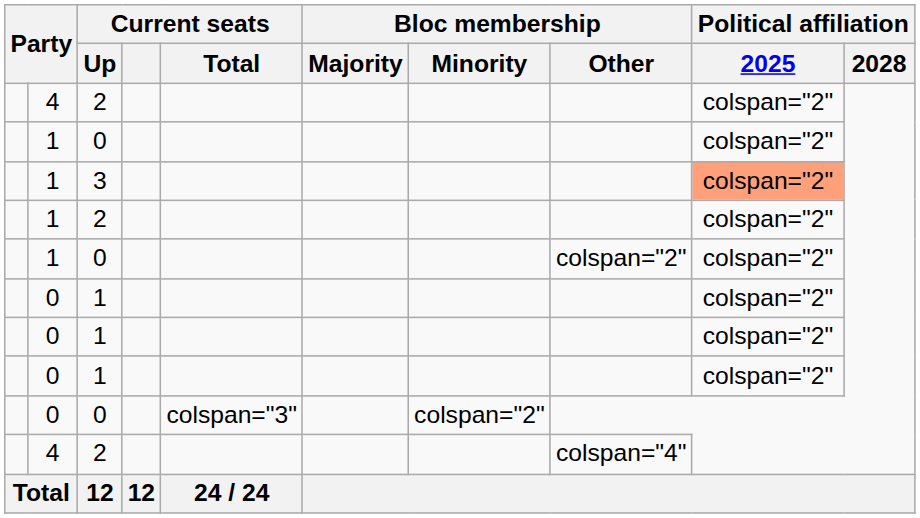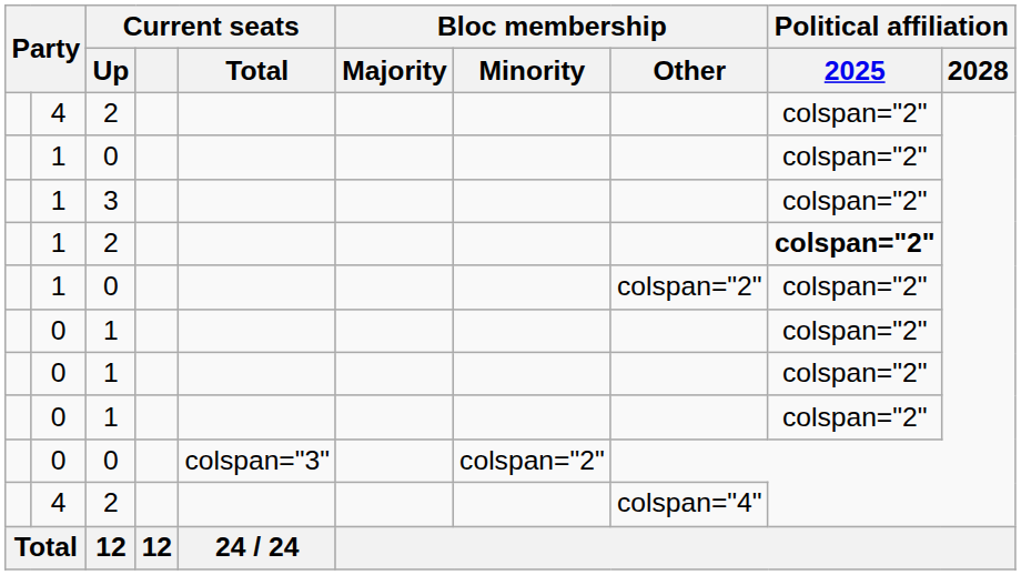 <table class="wikitable" style="text-align:center;">
 <tr>
 <th colspan="2" rowspan="2">Party</th>
 <th colspan="3" width="30px">Current seats</th>
 <th colspan="3">Bloc membership</th>
 <th colspan="4">Political affiliation</th>
 </tr>
 <tr>
 <th>Up</th>
 <th></th>
 <th>Total</th>
 <th>Majority</th>
 <th>Minority</th>
 <th>Other</th>
 <th colspan="2"><a href='#'>2025</a></th>
 <th colspan="2">2028</th>
 </tr>
 <tr>
 <td></td>
 <td>4</td>
 <td>2</td>
 <td></td>
 <td></td>
 <td></td>
 <td></td>
 <td></td>
 <td>colspan="2" </td>
 </tr>
 <tr>
 <td></td>
 <td>1</td>
 <td>0</td>
 <td></td>
 <td></td>
 <td></td>
 <td></td>
 <td></td>
 <td>colspan="2" </td>
 </tr>
 <tr>
 <td></td>
 <td>1</td>
 <td>3</td>
 <td></td>
 <td></td>
 <td></td>
 <td></td>
 <td></td>
-<td style="background: lightsalmon;">colspan="2" </td>
+<td>colspan="2" </td>
 </tr>
 <tr>
 <td></td>
 <td>1</td>
 <td>2</td>
 <td></td>
 <td></td>
 <td></td>
 <td></td>
 <td></td>
-<td>colspan="2" </td>
+<td><strong>colspan="2" </strong></td>
 </tr>
 <tr>
 <td></td>
 <td>1</td>
 <td>0</td>
 <td></td>
 <td></td>
 <td></td>
 <td></td>
 <td>colspan="2" </td>
 <td>colspan="2" </td>
 </tr>
 <tr>
 <td></td>
 <td>0</td>
 <td>1</td>
 <td></td>
 <td></td>
 <td></td>
 <td></td>
 <td></td>
 <td>colspan="2" </td>
 </tr>
 <tr>
 <td></td>
 <td>0</td>
 <td>1</td>
 <td></td>
 <td></td>
 <td></td>
 <td></td>
 <td></td>
 <td>colspan="2" </td>
 </tr>
 <tr>
 <td></td>
 <td>0</td>
 <td>1</td>
 <td></td>
 <td></td>
 <td></td>
 <td></td>
 <td></td>
 <td>colspan="2" </td>
 </tr>
 <tr>
 <td></td>
 <td>0</td>
 <td>0</td>
 <td></td>
 <td>colspan="3" </td>
 <td></td>
 <td>colspan="2" </td>
 </tr>
 <tr>
 <td></td>
 <td>4</td>
 <td>2</td>
 <td></td>
 <td></td>
 <td></td>
 <td></td>
 <td>colspan="4" </td>
 </tr>
 <tr>
 <th colspan="2">Total</th>
 <th>12</th>
 <th>12</th>
 <th>24 / 24</th>
 <th colspan="7"></th>
 </tr>
 </table>
